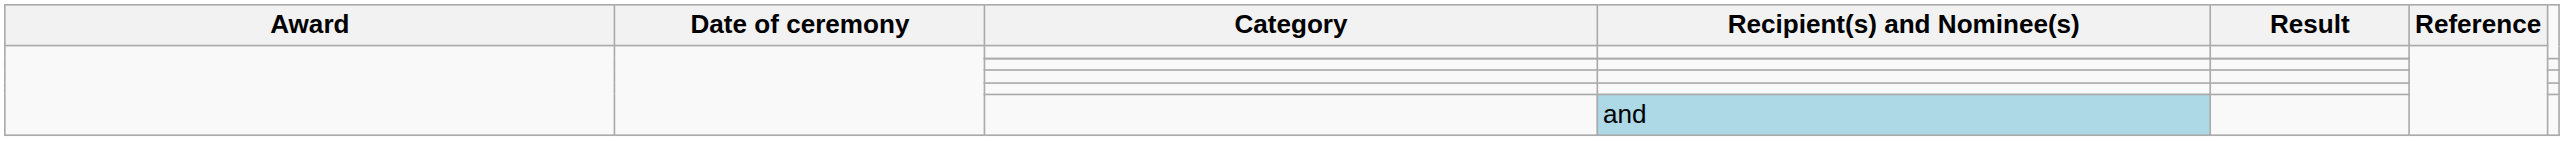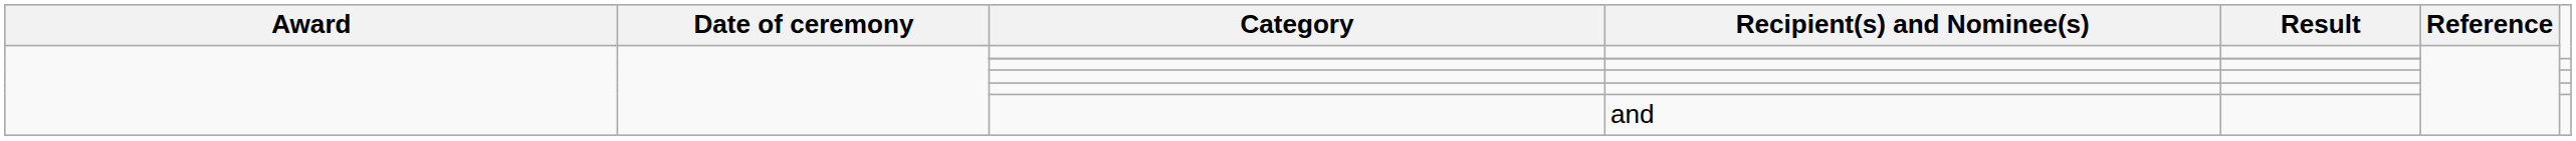 <table class="wikitable mw-collapsible " style="width:99%;"  >
 <tr>
 <th width="25%" scope="col">Award</th>
 <th width="15%" scope="col">Date of ceremony</th>
 <th width="25%" scope="col">Category</th>
 <th width="25%" scope="col">Recipient(s) and Nominee(s)</th>
 <th width="8%" scope="col">Result</th>
 <th width="2%" scope="col">Reference</th>
 </tr>
 <tr>
 <td rowspan="6"></td>
 <td rowspan="6"></td>
 <td></td>
 <td></td>
 <td></td>
 <td align="center" rowspan="6"></td>
 </tr>
 <tr>
 </tr>
 <tr>
 <td></td>
 <td></td>
 <td></td>
 <td></td>
 </tr>
 <tr>
 <td></td>
 <td></td>
 <td></td>
 <td></td>
 </tr>
 <tr>
 <td></td>
 <td></td>
 <td></td>
 <td></td>
 </tr>
 <tr>
 <td></td>
-<td style="background: lightblue;"> and </td>
+<td> and </td>
 <td></td>
 </tr>
 </table>
